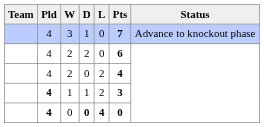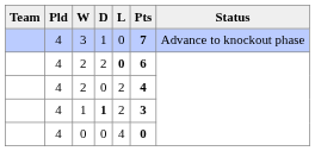 <table style=border-collapse:collapse border=1 cellspacing=0 cellpadding=5>
 <tr align=center bgcolor=#efefef>
 <th>Team</th>
 <th>Pld</th>
 <th>W</th>
 <th>D</th>
 <th>L</th>
 <th>Pts</th>
 <th>Status</th>
 </tr>
 <tr align=center style="background:#bbccff;">
 <td style="text-align:left;"> </td>
 <td>4</td>
 <td>3</td>
 <td>1</td>
 <td>0</td>
 <td><strong>7</strong></td>
 <td rowspan=1>Advance to knockout phase</td>
 </tr>
 <tr align=center style="background:#FFFFFF;">
 <td style="text-align:left;"> </td>
 <td>4</td>
 <td>2</td>
 <td>2</td>
-<td>0</td>
+<td><strong>0</strong></td>
 <td><strong>6</strong></td>
 <td rowspan=4></td>
 </tr>
 <tr align=center style="background:#FFFFFF;">
 <td style="text-align:left;"> </td>
 <td>4</td>
 <td>2</td>
 <td>0</td>
 <td>2</td>
 <td><strong>4</strong></td>
 </tr>
 <tr align=center style="background:#FFFFFF;">
 <td style="text-align:left;"> </td>
-<td><strong>4</strong></td>
+<td>4</td>
 <td>1</td>
-<td>1</td>
+<td><strong>1</strong></td>
 <td>2</td>
 <td><strong>3</strong></td>
 </tr>
 <tr align=center style="background:#FFFFFF;">
 <td style="text-align:left;"> </td>
-<td><strong>4</strong></td>
+<td>4</td>
 <td>0</td>
-<td><strong>0</strong></td>
-<td><strong>4</strong></td>
+<td>0</td>
+<td>4</td>
 <td><strong>0</strong></td>
 </tr>
 </table>
